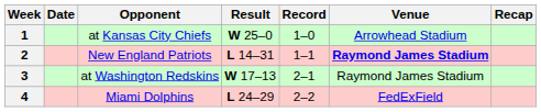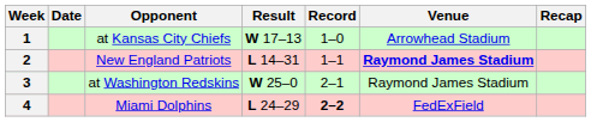 <table class="wikitable" style="text-align:center">
 <tr>
 <th>Week</th>
 <th>Date</th>
 <th>Opponent</th>
 <th>Result</th>
 <th>Record</th>
 <th>Venue</th>
 <th>Recap</th>
 </tr>
 <tr style="background:#cfc;">
 <th>1</th>
 <td style="text-align:center;"></td>
 <td style="text-align:center;">at <a href='#'>Kansas City Chiefs</a></td>
-<td style="text-align:center;"><strong>W</strong> 25–0</td>
+<td style="text-align:center;"><strong>W</strong> 17–13</td>
 <td style="text-align:center;">1–0</td>
 <td style="text-align:center;"><a href='#'>Arrowhead Stadium</a></td>
 <td style="text-align:center;"></td>
 </tr>
 <tr style="background:#fcc;">
 <th>2</th>
 <td style="text-align:center;"></td>
 <td style="text-align:center;"><a href='#'>New England Patriots</a></td>
 <td style="text-align:center;"><strong>L</strong> 14–31</td>
 <td style="text-align:center;">1–1</td>
 <td style="text-align:center;"><strong><a href='#'>Raymond James Stadium</a></strong></td>
 <td style="text-align:center;"></td>
 </tr>
 <tr style="background:#cfc;">
 <th>3</th>
 <td style="text-align:center;"></td>
 <td style="text-align:center;">at <a href='#'>Washington Redskins</a></td>
-<td style="text-align:center;"><strong>W</strong> 17–13</td>
+<td style="text-align:center;"><strong>W</strong> 25–0</td>
 <td style="text-align:center;">2–1</td>
 <td style="text-align:center;">Raymond James Stadium</td>
 <td style="text-align:center;"></td>
 </tr>
 <tr style="background:#fcc;">
 <th>4</th>
 <td style="text-align:center;"></td>
 <td style="text-align:center;"><a href='#'>Miami Dolphins</a></td>
 <td style="text-align:center;"><strong>L</strong> 24–29</td>
-<td style="text-align:center;">2–2</td>
+<td style="text-align:center;"><strong>2–2</strong></td>
 <td style="text-align:center;"><a href='#'>FedExField</a></td>
 <td style="text-align:center;"></td>
 </tr>
 </table>
